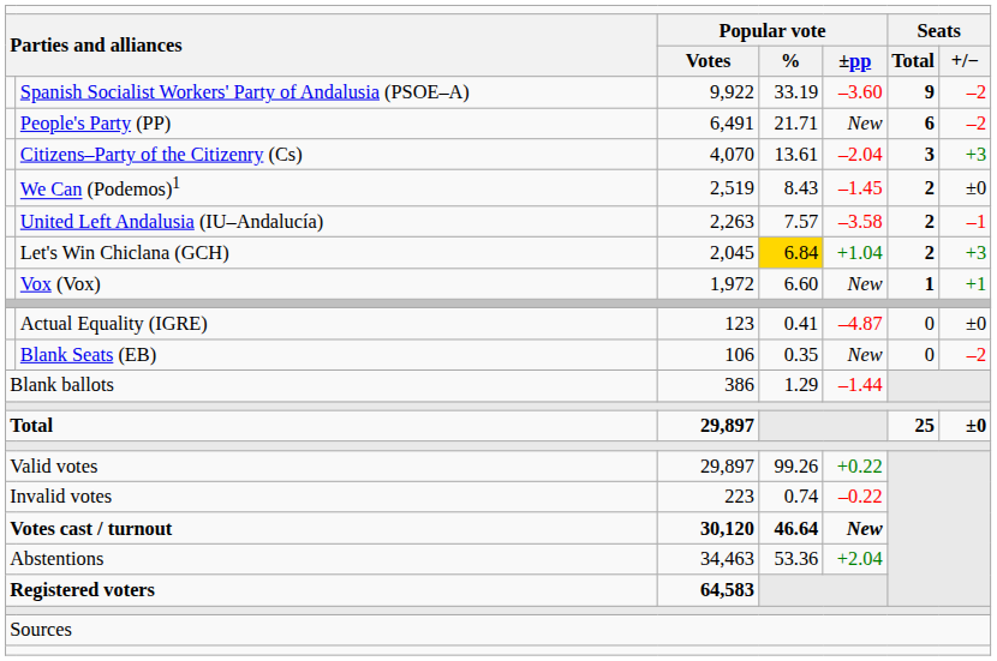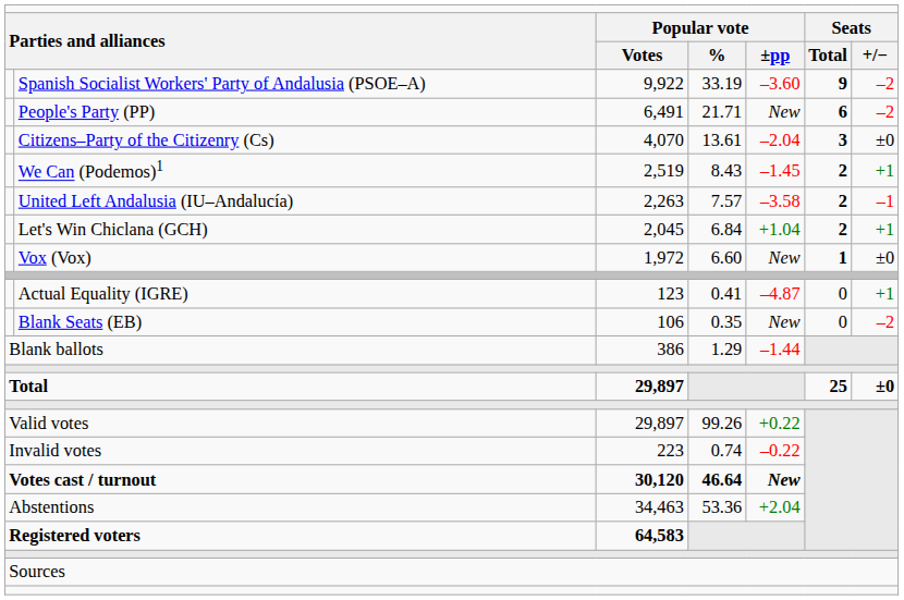 <table class="wikitable" style="text-align:right;">
 <tr>
 <td colspan="7"></td>
 </tr>
 <tr>
 <th style="text-align:left;" rowspan="2" colspan="2" width="525">Parties and alliances</th>
 <th colspan="3">Popular vote</th>
 <th colspan="2">Seats</th>
 </tr>
 <tr>
 <th width="75">Votes</th>
 <th width="45">%</th>
 <th width="45">±<a href='#'>pp</a></th>
 <th width="35">Total</th>
 <th width="35">+/−</th>
 </tr>
 <tr>
 <td width="1" style="color:inherit;background:"></td>
 <td align="left"><a href='#'>Spanish Socialist Workers' Party of Andalusia</a> (PSOE–A)</td>
 <td>9,922</td>
 <td>33.19</td>
 <td style="color:red;">–3.60</td>
 <td><strong>9</strong></td>
 <td style="color:red;">–2</td>
 </tr>
 <tr>
 <td style="color:inherit;background:"></td>
 <td align="left"><a href='#'>People's Party</a> (PP)</td>
 <td>6,491</td>
 <td>21.71</td>
 <td><em>New</em></td>
 <td><strong>6</strong></td>
 <td style="color:red;">–2</td>
 </tr>
 <tr>
 <td style="color:inherit;background:"></td>
 <td align="left"><a href='#'>Citizens–Party of the Citizenry</a> (Cs)</td>
 <td>4,070</td>
 <td>13.61</td>
 <td style="color:red;">–2.04</td>
 <td><strong>3</strong></td>
-<td style="color:green;">+3</td>
+<td>±0</td>
 </tr>
 <tr>
 <td style="color:inherit;background:"></td>
 <td align="left"><a href='#'>We Can</a> (Podemos)<sup>1</sup></td>
 <td>2,519</td>
 <td>8.43</td>
 <td style="color:red;">–1.45</td>
 <td><strong>2</strong></td>
-<td>±0</td>
+<td style="color:green;">+1</td>
 </tr>
 <tr>
 <td style="color:inherit;background:"></td>
 <td align="left"><a href='#'>United Left Andalusia</a> (IU–Andalucía)</td>
 <td>2,263</td>
 <td>7.57</td>
 <td style="color:red;">–3.58</td>
 <td><strong>2</strong></td>
 <td style="color:red;">–1</td>
 </tr>
 <tr>
 <td style="color:inherit;background:"></td>
 <td align="left">Let's Win Chiclana (GCH)</td>
 <td>2,045</td>
-<td style="background: gold;">6.84</td>
+<td>6.84</td>
 <td style="color:green;">+1.04</td>
 <td><strong>2</strong></td>
-<td style="color:green;">+3</td>
+<td style="color:green;">+1</td>
 </tr>
 <tr>
 <td style="color:inherit;background:"></td>
 <td align="left"><a href='#'>Vox</a> (Vox)</td>
 <td>1,972</td>
 <td>6.60</td>
 <td><em>New</em></td>
 <td><strong>1</strong></td>
-<td style="color:green;">+1</td>
+<td>±0</td>
 </tr>
 <tr>
 <td colspan="7" bgcolor="#C0C0C0"></td>
 </tr>
 <tr>
 <td style="color:inherit;background:"></td>
 <td align="left">Actual Equality (IGRE)</td>
 <td>123</td>
 <td>0.41</td>
 <td style="color:red;">–4.87</td>
 <td>0</td>
-<td>±0</td>
+<td style="color:green;">+1</td>
 </tr>
 <tr>
 <td style="color:inherit;background:"></td>
 <td align="left"><a href='#'>Blank Seats</a> (EB)</td>
 <td>106</td>
 <td>0.35</td>
 <td><em>New</em></td>
 <td>0</td>
 <td style="color:red;">–2</td>
 </tr>
 <tr>
 <td align="left" colspan="2">Blank ballots</td>
 <td>386</td>
 <td>1.29</td>
 <td style="color:red;">–1.44</td>
 <td bgcolor="#E9E9E9" colspan="2"></td>
 </tr>
 <tr>
 <td colspan="7" bgcolor="#E9E9E9"></td>
 </tr>
 <tr style="font-weight:bold;">
 <td align="left" colspan="2">Total</td>
 <td>29,897</td>
 <td bgcolor="#E9E9E9" colspan="2"></td>
 <td>25</td>
 <td>±0</td>
 </tr>
 <tr>
 <td colspan="7" bgcolor="#E9E9E9"></td>
 </tr>
 <tr>
 <td align="left" colspan="2">Valid votes</td>
 <td>29,897</td>
 <td>99.26</td>
 <td style="color:green;">+0.22</td>
 <td bgcolor="#E9E9E9" colspan="2" rowspan="5"></td>
 </tr>
 <tr>
 <td align="left" colspan="2">Invalid votes</td>
 <td>223</td>
 <td>0.74</td>
 <td style="color:red;">–0.22</td>
 </tr>
 <tr style="font-weight:bold;">
 <td align="left" colspan="2">Votes cast / turnout</td>
 <td>30,120</td>
 <td>46.64</td>
 <td><em>New</em></td>
 </tr>
 <tr>
 <td align="left" colspan="2">Abstentions</td>
 <td>34,463</td>
 <td>53.36</td>
 <td style="color:green;">+2.04</td>
 </tr>
 <tr style="font-weight:bold;">
 <td align="left" colspan="2">Registered voters</td>
 <td>64,583</td>
 <td bgcolor="#E9E9E9" colspan="2"></td>
 </tr>
 <tr>
 <td colspan="7" bgcolor="#E9E9E9"></td>
 </tr>
 <tr>
 <td align="left" colspan="7">Sources</td>
 </tr>
 <tr>
 <td colspan="7" style="text-align:left; max-width:790px;"></td>
 </tr>
 </table>
